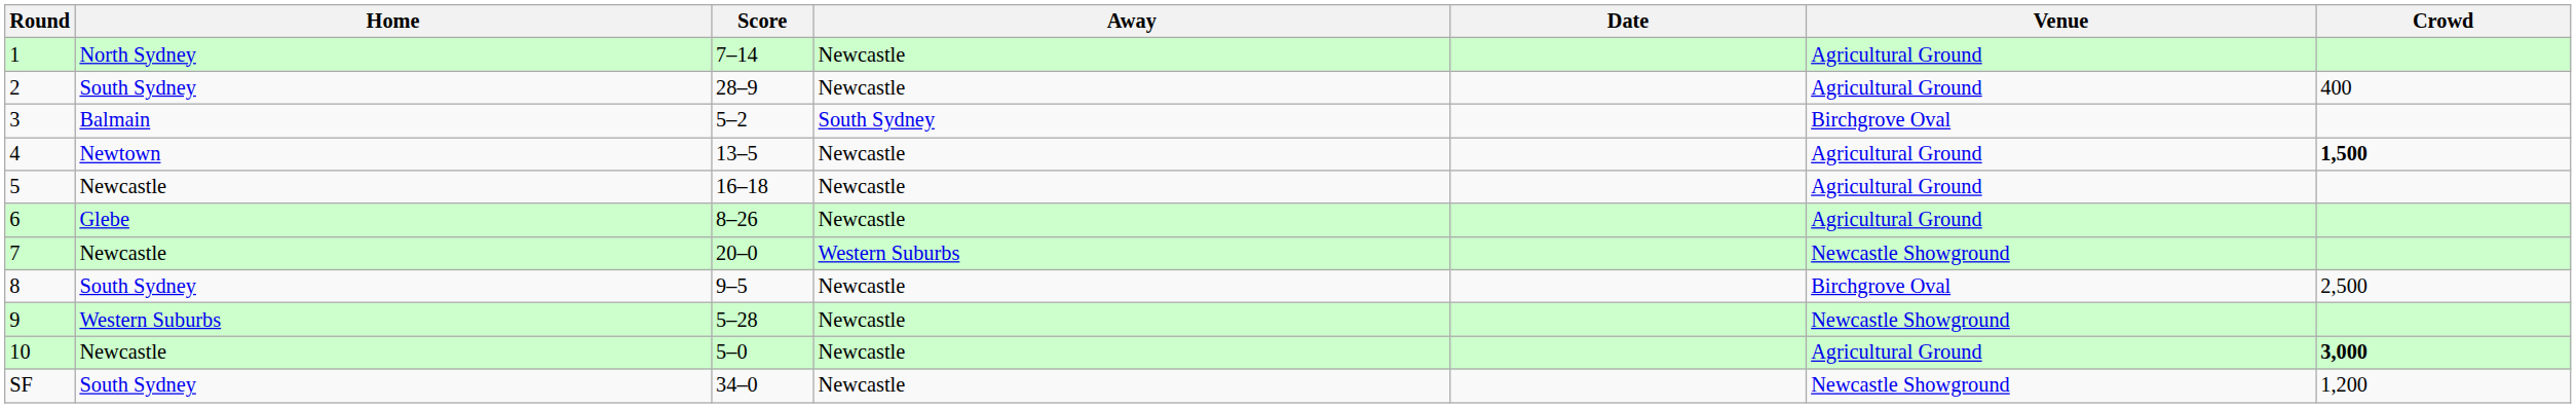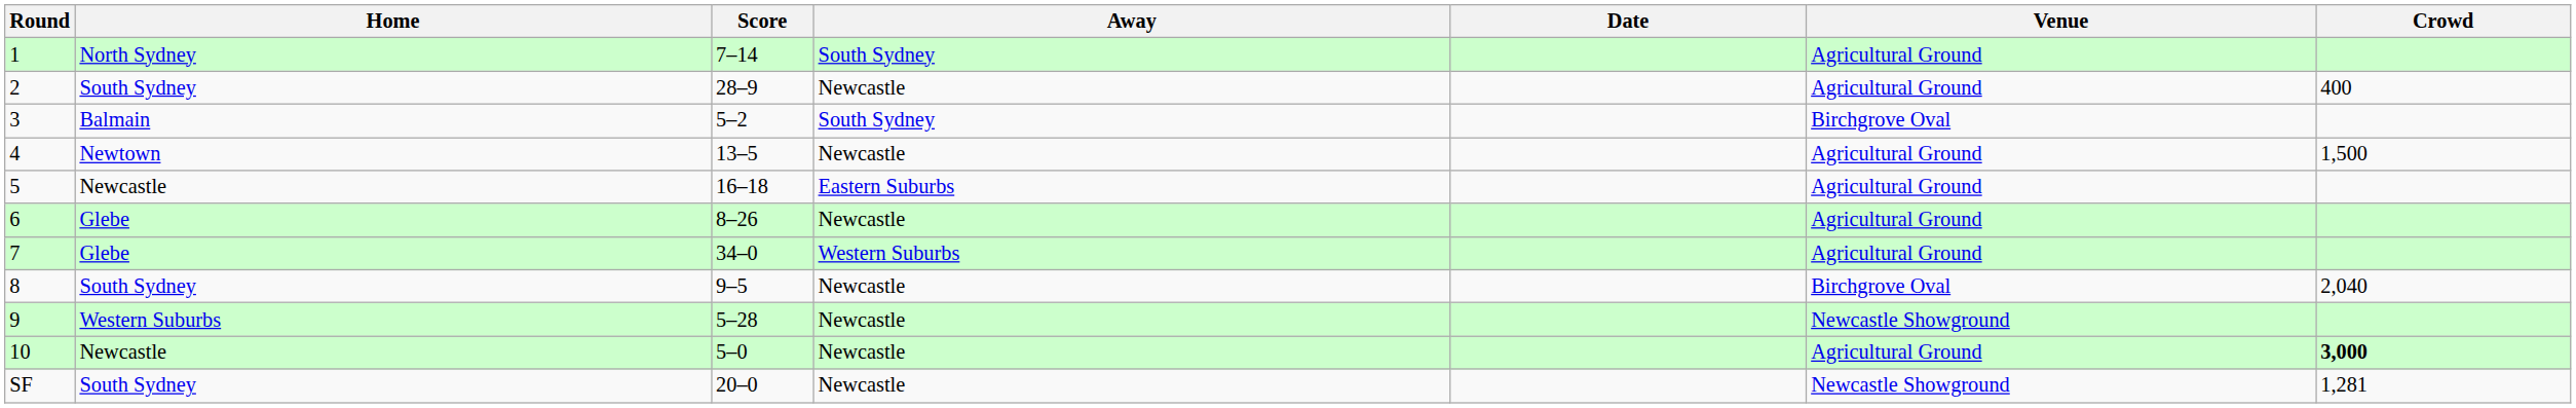 <table class="wikitable sortable">
 <tr>
 <th width=2%>Round</th>
 <th width=25%>Home</th>
 <th width=4%>Score</th>
 <th width=25%>Away</th>
 <th width=14%>Date</th>
 <th width=20%>Venue</th>
 <th width=10%>Crowd</th>
 </tr>
 <tr bgcolor=#ccffcc>
 <td>1</td>
 <td align=left><a href='#'>North Sydney</a></td>
 <td>7–14</td>
-<td align=left>Newcastle</td>
+<td align=left><a href='#'>South Sydney</a></td>
 <td></td>
 <td><a href='#'>Agricultural Ground</a></td>
 <td></td>
 </tr>
 <tr>
 <td>2</td>
 <td align=left><a href='#'>South Sydney</a></td>
 <td>28–9</td>
 <td align=left>Newcastle</td>
 <td></td>
 <td><a href='#'>Agricultural Ground</a></td>
 <td>400</td>
 </tr>
 <tr>
 <td>3</td>
 <td align=left><a href='#'>Balmain</a></td>
 <td>5–2</td>
 <td align=left><a href='#'>South Sydney</a></td>
 <td></td>
 <td><a href='#'>Birchgrove Oval</a></td>
 <td></td>
 </tr>
 <tr>
 <td>4</td>
 <td align=left><a href='#'>Newtown</a></td>
 <td>13–5</td>
 <td align=left>Newcastle</td>
 <td></td>
 <td><a href='#'>Agricultural Ground</a></td>
-<td><strong>1,500</strong></td>
+<td>1,500</td>
 </tr>
 <tr>
 <td>5</td>
 <td align=left>Newcastle</td>
 <td>16–18</td>
-<td align=left>Newcastle</td>
+<td align=left><a href='#'>Eastern Suburbs</a></td>
 <td></td>
 <td><a href='#'>Agricultural Ground</a></td>
 <td></td>
 </tr>
 <tr bgcolor=#ccffcc>
 <td>6</td>
 <td align=left><a href='#'>Glebe</a></td>
 <td>8–26</td>
 <td align=left>Newcastle</td>
 <td></td>
 <td><a href='#'>Agricultural Ground</a></td>
 <td></td>
 </tr>
 <tr bgcolor=#ccffcc>
 <td>7</td>
-<td align=left>Newcastle</td>
-<td>20–0</td>
+<td align=left><a href='#'>Glebe</a></td>
+<td>34–0</td>
 <td align=left><a href='#'>Western Suburbs</a></td>
 <td></td>
-<td><a href='#'>Newcastle Showground</a></td>
+<td><a href='#'>Agricultural Ground</a></td>
 <td></td>
 </tr>
 <tr>
 <td>8</td>
 <td align=left><a href='#'>South Sydney</a></td>
 <td>9–5</td>
 <td align=left>Newcastle</td>
 <td></td>
 <td><a href='#'>Birchgrove Oval</a></td>
-<td>2,500</td>
+<td>2,040</td>
 </tr>
 <tr bgcolor=#ccffcc>
 <td>9</td>
 <td align=left><a href='#'>Western Suburbs</a></td>
 <td>5–28</td>
 <td align=left>Newcastle</td>
 <td></td>
 <td><a href='#'>Newcastle Showground</a></td>
 <td></td>
 </tr>
 <tr bgcolor=#ccffcc>
 <td>10</td>
 <td align=left>Newcastle</td>
 <td>5–0</td>
 <td align=left>Newcastle</td>
 <td></td>
 <td><a href='#'>Agricultural Ground</a></td>
 <td><strong>3,000</strong></td>
 </tr>
 <tr>
 <td>SF</td>
 <td align=left><a href='#'>South Sydney</a></td>
-<td>34–0</td>
+<td>20–0</td>
 <td align=left>Newcastle</td>
 <td></td>
 <td><a href='#'>Newcastle Showground</a></td>
-<td>1,200</td>
+<td>1,281</td>
 </tr>
 </table>
